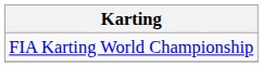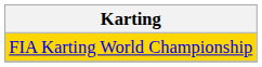 <table class="wikitable">
 <tr>
 <th>Karting</th>
 </tr>
 <tr>
-<td><a href='#'>FIA Karting World Championship</a></td>
+<td style="background: gold;"><a href='#'>FIA Karting World Championship</a></td>
 </tr>
 <tr>
 </tr>
 </table>
